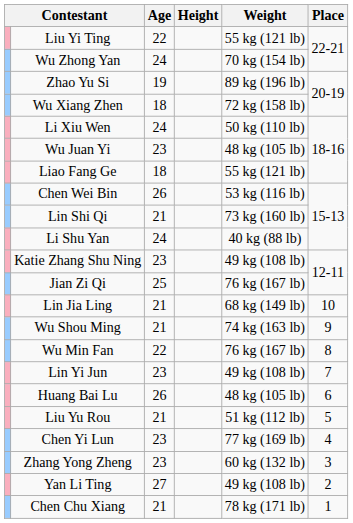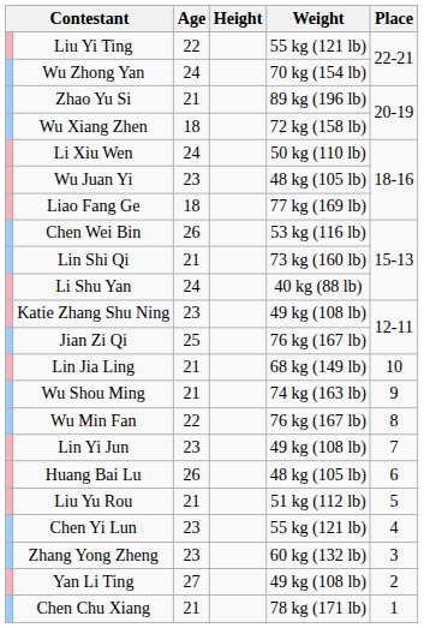 <table class="wikitable sortable" style="text-align:center;">
 <tr>
 <th colspan="2">Contestant</th>
 <th>Age</th>
 <th>Height</th>
 <th>Weight</th>
 <th>Place</th>
 </tr>
 <tr>
 <td style="background:#faafbe;"></td>
 <td>Liu Yi Ting</td>
 <td>22</td>
 <td></td>
 <td>55 kg (121 lb)</td>
 <td rowspan=2>22-21</td>
 </tr>
 <tr>
 <td style="background:#9cf;"></td>
 <td>Wu Zhong Yan</td>
 <td>24</td>
 <td></td>
 <td>70 kg (154 lb)</td>
 </tr>
 <tr>
 <td style="background:#9cf;"></td>
 <td>Zhao Yu Si</td>
-<td>19</td>
+<td>21</td>
 <td></td>
 <td>89 kg (196 lb)</td>
 <td rowspan=2>20-19</td>
 </tr>
 <tr>
 <td style="background:#9cf;"></td>
 <td>Wu Xiang Zhen</td>
 <td>18</td>
 <td></td>
 <td>72 kg (158 lb)</td>
 </tr>
 <tr>
 <td style="background:#faafbe;"></td>
 <td>Li Xiu Wen</td>
 <td>24</td>
 <td></td>
 <td>50 kg (110 lb)</td>
 <td rowspan=3>18-16</td>
 </tr>
 <tr>
 <td style="background:#faafbe;"></td>
 <td>Wu Juan Yi</td>
 <td>23</td>
 <td></td>
 <td>48 kg (105 lb)</td>
 </tr>
 <tr>
 <td style="background:#faafbe;"></td>
 <td>Liao Fang Ge</td>
 <td>18</td>
 <td></td>
-<td>55 kg (121 lb)</td>
+<td>77 kg (169 lb)</td>
 </tr>
 <tr>
 <td style="background:#9cf;"></td>
 <td>Chen Wei Bin</td>
 <td>26</td>
 <td></td>
 <td>53 kg (116 lb)</td>
 <td rowspan=3>15-13</td>
 </tr>
 <tr>
 <td style="background:#9cf;"></td>
 <td>Lin Shi Qi</td>
 <td>21</td>
 <td></td>
 <td>73 kg (160 lb)</td>
 </tr>
 <tr>
 <td style="background:#faafbe;"></td>
 <td>Li Shu Yan</td>
 <td>24</td>
 <td></td>
 <td>40 kg (88 lb)</td>
 </tr>
 <tr>
 <td style="background:#faafbe;"></td>
 <td>Katie Zhang Shu Ning</td>
 <td>23</td>
 <td></td>
 <td>49 kg (108 lb)</td>
 <td rowspan=2>12-11</td>
 </tr>
 <tr>
 <td style="background:#9cf;"></td>
 <td>Jian Zi Qi</td>
 <td>25</td>
 <td></td>
 <td>76 kg (167 lb)</td>
 </tr>
 <tr>
 <td style="background:#faafbe;"></td>
 <td>Lin Jia Ling</td>
 <td>21</td>
 <td></td>
 <td>68 kg (149 lb)</td>
 <td>10</td>
 </tr>
 <tr>
 <td style="background:#9cf;"></td>
 <td>Wu Shou Ming</td>
 <td>21</td>
 <td></td>
 <td>74 kg (163 lb)</td>
 <td>9</td>
 </tr>
 <tr>
 <td style="background:#9cf;"></td>
 <td>Wu Min Fan</td>
 <td>22</td>
 <td></td>
 <td>76 kg (167 lb)</td>
 <td>8</td>
 </tr>
 <tr>
 <td style="background:#faafbe;"></td>
 <td>Lin Yi Jun</td>
 <td>23</td>
 <td></td>
 <td>49 kg (108 lb)</td>
 <td>7</td>
 </tr>
 <tr>
 <td style="background:#faafbe;"></td>
 <td>Huang Bai Lu</td>
 <td>26</td>
 <td></td>
 <td>48 kg (105 lb)</td>
 <td>6</td>
 </tr>
 <tr>
 <td style="background:#faafbe;"></td>
 <td>Liu Yu Rou</td>
 <td>21</td>
 <td></td>
 <td>51 kg (112 lb)</td>
 <td>5</td>
 </tr>
 <tr>
 <td style="background:#9cf;"></td>
 <td>Chen Yi Lun</td>
 <td>23</td>
 <td></td>
-<td>77 kg (169 lb)</td>
+<td>55 kg (121 lb)</td>
 <td>4</td>
 </tr>
 <tr>
 <td style="background:#9cf;"></td>
 <td>Zhang Yong Zheng</td>
 <td>23</td>
 <td></td>
 <td>60 kg (132 lb)</td>
 <td>3</td>
 </tr>
 <tr>
 <td style="background:#faafbe;"></td>
 <td>Yan Li Ting</td>
 <td>27</td>
 <td></td>
 <td>49 kg (108 lb)</td>
 <td>2</td>
 </tr>
 <tr>
 <td style="background:#9cf;"></td>
 <td>Chen Chu Xiang</td>
 <td>21</td>
 <td></td>
 <td>78 kg (171 lb)</td>
 <td>1</td>
 </tr>
 </table>
